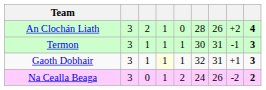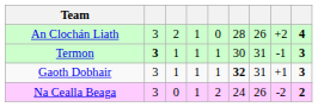 <table class="wikitable" style="text-align:center">
 <tr>
 <th style="width:175px;">Team</th>
 <th width="20"></th>
 <th width="20"></th>
 <th width="20"></th>
 <th width="20"></th>
 <th width="20"></th>
 <th width="20"></th>
 <th width="20"></th>
 <th width="20"></th>
 </tr>
 <tr style="background:#cfc;">
 <td><a href='#'>An Clochán Liath</a></td>
 <td>3</td>
 <td>2</td>
 <td>1</td>
 <td>0</td>
 <td>28</td>
 <td>26</td>
 <td>+2</td>
 <td><strong>4</strong></td>
 </tr>
 <tr style="background:#cfc;">
 <td><a href='#'>Termon</a></td>
-<td>3</td>
+<td><strong>3</strong></td>
 <td>1</td>
 <td>1</td>
 <td>1</td>
 <td>30</td>
 <td>31</td>
 <td>-1</td>
 <td><strong>3</strong></td>
 </tr>
 <tr>
 <td><a href='#'>Gaoth Dobhair</a></td>
 <td>3</td>
 <td>1</td>
-<td style="background: lightyellow;">1</td>
 <td>1</td>
-<td>32</td>
+<td>1</td>
+<td><strong>32</strong></td>
 <td>31</td>
 <td>+1</td>
 <td><strong>3</strong></td>
 </tr>
 <tr style="background:#fcf;">
 <td><a href='#'>Na Cealla Beaga</a></td>
 <td>3</td>
 <td>0</td>
 <td>1</td>
 <td>2</td>
 <td>24</td>
 <td>26</td>
 <td>-2</td>
 <td><strong>2</strong></td>
 </tr>
 </table>
